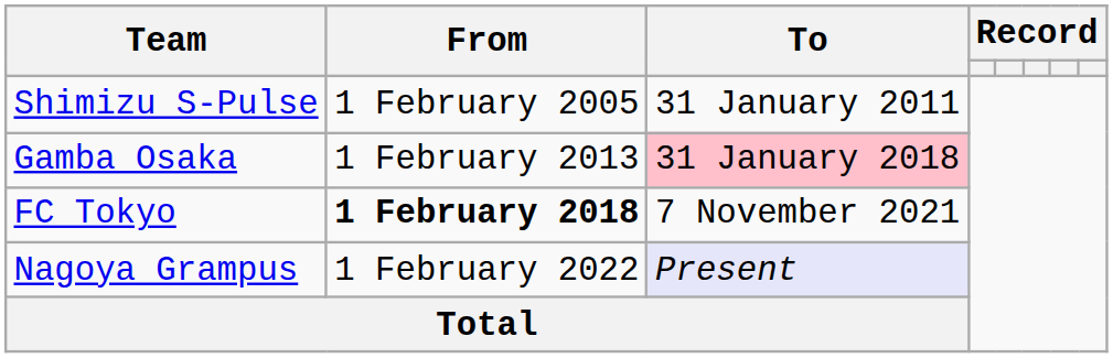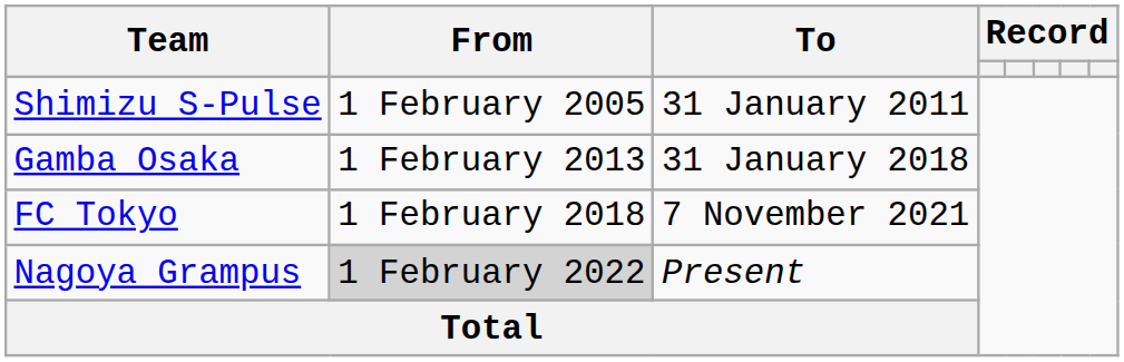 <table class="wikitable" style="text-align: center;">
 <tr>
 <th rowspan="2">Team</th>
 <th rowspan="2">From</th>
 <th rowspan="2">To</th>
 <th colspan="5">Record</th>
 </tr>
 <tr>
 <th></th>
 <th></th>
 <th></th>
 <th></th>
 <th></th>
 </tr>
 <tr>
 <td align="left"><a href='#'>Shimizu S-Pulse</a></td>
 <td align="left">1 February 2005</td>
 <td align="left">31 January 2011<br></td>
 </tr>
 <tr>
 <td align="left"><a href='#'>Gamba Osaka</a></td>
 <td align="left">1 February 2013</td>
-<td align="left" style="background: pink;">31 January 2018<br></td>
+<td align="left">31 January 2018<br></td>
 </tr>
 <tr>
 <td align="left"><a href='#'>FC Tokyo</a></td>
-<td align="left"><strong>1 February 2018</strong></td>
+<td align="left">1 February 2018</td>
 <td align="left">7 November 2021<br></td>
 </tr>
 <tr>
 <td align="left"><a href='#'>Nagoya Grampus</a></td>
-<td align="left">1 February 2022</td>
-<td align="left" style="background: lavender;"><em>Present</em><br></td>
+<td align="left" style="background: lightgrey;">1 February 2022</td>
+<td align="left"><em>Present</em><br></td>
 </tr>
 <tr>
 <th colspan="3">Total<br></th>
 </tr>
 </table>
